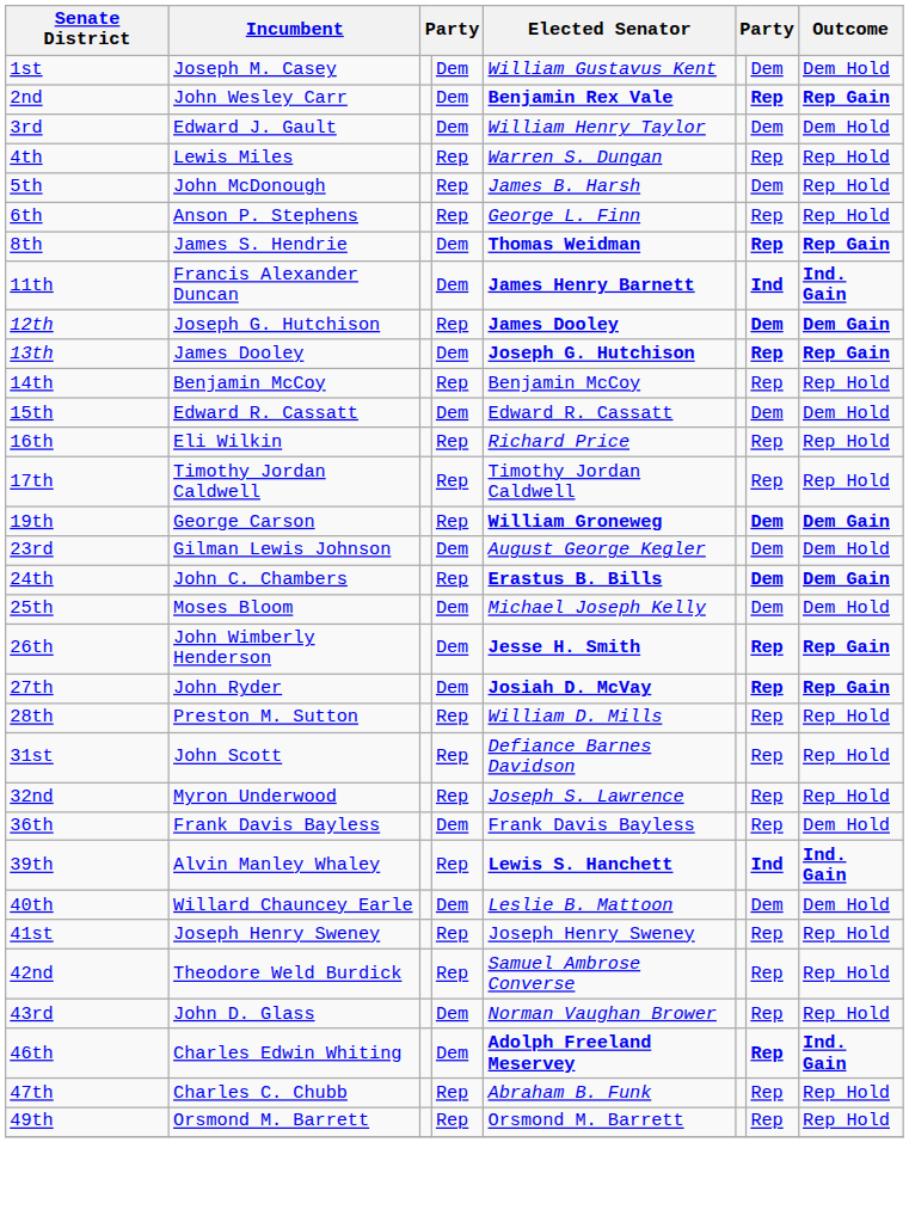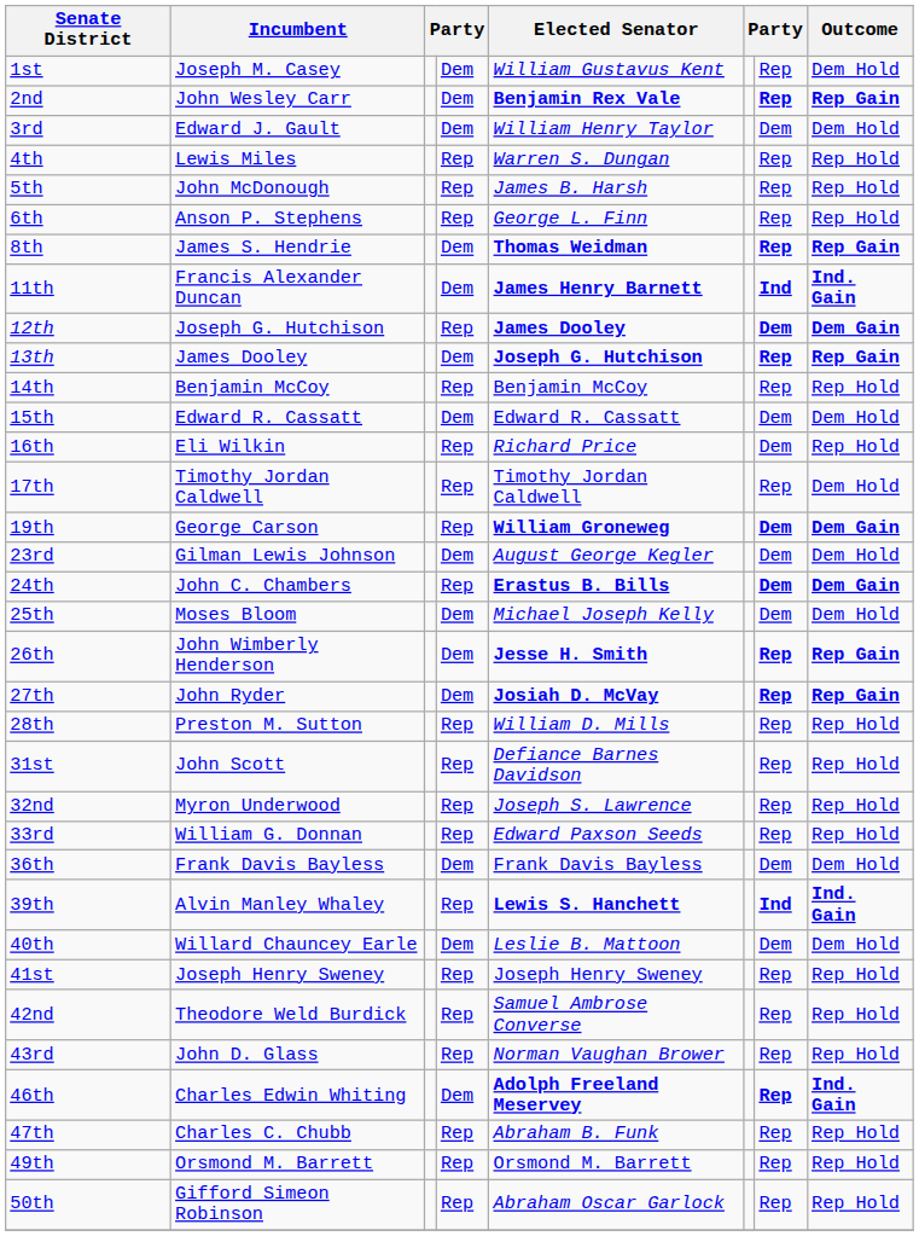 <table class="sortable wikitable" style="font-size:95%;line-height:14px;">
 <tr>
 <th class="sortable"><a href='#'>Senate</a> District</th>
 <th class="sortable"><a href='#'>Incumbent</a></th>
 <th colspan="2">Party</th>
 <th class="sortable">Elected Senator</th>
 <th colspan="2">Party</th>
 <th class="sortable">Outcome</th>
 </tr>
 <tr>
 <td><a href='#'>1st</a></td>
 <td><a href='#'>Joseph M. Casey</a></td>
 <td style="background:"></td>
 <td><a href='#'>Dem</a></td>
 <td><em><a href='#'>William Gustavus Kent</a></em></td>
 <td style="background:"></td>
-<td><a href='#'>Dem</a></td>
+<td><a href='#'>Rep</a></td>
 <td><a href='#'>Dem Hold</a></td>
 </tr>
 <tr>
 <td><a href='#'>2nd</a></td>
 <td><a href='#'>John Wesley Carr</a></td>
 <td style="background:"></td>
 <td><a href='#'>Dem</a></td>
 <td><strong><a href='#'>Benjamin Rex Vale</a></strong></td>
 <td style="background:"></td>
 <td><strong><a href='#'>Rep</a></strong></td>
 <td><strong><a href='#'>Rep Gain</a></strong></td>
 </tr>
 <tr>
 <td><a href='#'>3rd</a></td>
 <td><a href='#'>Edward J. Gault</a></td>
 <td style="background:"></td>
 <td><a href='#'>Dem</a></td>
 <td><em><a href='#'>William Henry Taylor</a></em></td>
 <td style="background:"></td>
 <td><a href='#'>Dem</a></td>
 <td><a href='#'>Dem Hold</a></td>
 </tr>
 <tr>
 <td><a href='#'>4th</a></td>
 <td><a href='#'>Lewis Miles</a></td>
 <td style="background:"></td>
 <td><a href='#'>Rep</a></td>
 <td><em><a href='#'>Warren S. Dungan</a></em></td>
 <td style="background:"></td>
 <td><a href='#'>Rep</a></td>
 <td><a href='#'>Rep Hold</a></td>
 </tr>
 <tr>
 <td><a href='#'>5th</a></td>
 <td><a href='#'>John McDonough</a></td>
 <td style="background:"></td>
 <td><a href='#'>Rep</a></td>
 <td><em><a href='#'>James B. Harsh</a></em></td>
 <td style="background:"></td>
-<td><a href='#'>Dem</a></td>
+<td><a href='#'>Rep</a></td>
 <td><a href='#'>Rep Hold</a></td>
 </tr>
 <tr>
 <td><a href='#'>6th</a></td>
 <td><a href='#'>Anson P. Stephens</a></td>
 <td style="background:"></td>
 <td><a href='#'>Rep</a></td>
 <td><em><a href='#'>George L. Finn</a></em></td>
 <td style="background:"></td>
 <td><a href='#'>Rep</a></td>
 <td><a href='#'>Rep Hold</a></td>
 </tr>
 <tr>
 <td><a href='#'>8th</a></td>
 <td><a href='#'>James S. Hendrie</a></td>
 <td style="background:"></td>
 <td><a href='#'>Dem</a></td>
 <td><strong><a href='#'>Thomas Weidman</a></strong></td>
 <td style="background:"></td>
 <td><strong><a href='#'>Rep</a></strong></td>
 <td><strong><a href='#'>Rep Gain</a></strong></td>
 </tr>
 <tr>
 <td><a href='#'>11th</a></td>
 <td><a href='#'>Francis Alexander Duncan</a></td>
 <td style="background:"></td>
 <td><a href='#'>Dem</a></td>
 <td><strong><a href='#'>James Henry Barnett</a></strong></td>
 <td style="background:"></td>
 <td><strong><a href='#'>Ind</a></strong></td>
 <td><strong><a href='#'>Ind. Gain</a></strong></td>
 </tr>
 <tr>
 <td><em><a href='#'>12th</a></em></td>
 <td><a href='#'>Joseph G. Hutchison</a></td>
 <td style="background:"></td>
 <td><a href='#'>Rep</a></td>
 <td><strong><a href='#'>James Dooley</a></strong></td>
 <td style="background:"></td>
 <td><strong><a href='#'>Dem</a></strong></td>
 <td><strong><a href='#'>Dem Gain</a></strong></td>
 </tr>
 <tr>
 <td><em><a href='#'>13th</a></em></td>
 <td><a href='#'>James Dooley</a></td>
 <td style="background:"></td>
 <td><a href='#'>Dem</a></td>
 <td><strong><a href='#'>Joseph G. Hutchison</a></strong></td>
 <td style="background:"></td>
 <td><strong><a href='#'>Rep</a></strong></td>
 <td><strong><a href='#'>Rep Gain</a></strong></td>
 </tr>
 <tr>
 <td><a href='#'>14th</a></td>
 <td><a href='#'>Benjamin McCoy</a></td>
 <td style="background:"></td>
 <td><a href='#'>Rep</a></td>
 <td><a href='#'>Benjamin McCoy</a></td>
 <td style="background:"></td>
 <td><a href='#'>Rep</a></td>
 <td><a href='#'>Rep Hold</a></td>
 </tr>
 <tr>
 <td><a href='#'>15th</a></td>
 <td><a href='#'>Edward R. Cassatt</a></td>
 <td style="background:"></td>
 <td><a href='#'>Dem</a></td>
 <td><a href='#'>Edward R. Cassatt</a></td>
 <td style="background:"></td>
 <td><a href='#'>Dem</a></td>
 <td><a href='#'>Dem Hold</a></td>
 </tr>
 <tr>
 <td><a href='#'>16th</a></td>
 <td><a href='#'>Eli Wilkin</a></td>
 <td style="background:"></td>
 <td><a href='#'>Rep</a></td>
 <td><em><a href='#'>Richard Price</a></em></td>
 <td style="background:"></td>
-<td><a href='#'>Rep</a></td>
+<td><a href='#'>Dem</a></td>
 <td><a href='#'>Rep Hold</a></td>
 </tr>
 <tr>
 <td><a href='#'>17th</a></td>
 <td><a href='#'>Timothy Jordan Caldwell</a></td>
 <td style="background:"></td>
 <td><a href='#'>Rep</a></td>
 <td><a href='#'>Timothy Jordan Caldwell</a></td>
 <td style="background:"></td>
 <td><a href='#'>Rep</a></td>
-<td><a href='#'>Rep Hold</a></td>
+<td><a href='#'>Dem Hold</a></td>
 </tr>
 <tr>
 <td><a href='#'>19th</a></td>
 <td><a href='#'>George Carson</a></td>
 <td style="background:"></td>
 <td><a href='#'>Rep</a></td>
 <td><strong><a href='#'>William Groneweg</a></strong></td>
 <td style="background:"></td>
 <td><strong><a href='#'>Dem</a></strong></td>
 <td><strong><a href='#'>Dem Gain</a></strong></td>
 </tr>
 <tr>
 <td><a href='#'>23rd</a></td>
 <td><a href='#'>Gilman Lewis Johnson</a></td>
 <td style="background:"></td>
 <td><a href='#'>Dem</a></td>
 <td><em><a href='#'>August George Kegler</a></em></td>
 <td style="background:"></td>
 <td><a href='#'>Dem</a></td>
 <td><a href='#'>Dem Hold</a></td>
 </tr>
 <tr>
 <td><a href='#'>24th</a></td>
 <td><a href='#'>John C. Chambers</a></td>
 <td style="background:"></td>
 <td><a href='#'>Rep</a></td>
 <td><strong><a href='#'>Erastus B. Bills</a></strong></td>
 <td style="background:"></td>
 <td><strong><a href='#'>Dem</a></strong></td>
 <td><strong><a href='#'>Dem Gain</a></strong></td>
 </tr>
 <tr>
 <td><a href='#'>25th</a></td>
 <td><a href='#'>Moses Bloom</a></td>
 <td style="background:"></td>
 <td><a href='#'>Dem</a></td>
 <td><em><a href='#'>Michael Joseph Kelly</a></em></td>
 <td style="background:"></td>
 <td><a href='#'>Dem</a></td>
 <td><a href='#'>Dem Hold</a></td>
 </tr>
 <tr>
 <td><a href='#'>26th</a></td>
 <td><a href='#'>John Wimberly Henderson</a></td>
 <td style="background:"></td>
 <td><a href='#'>Dem</a></td>
 <td><strong><a href='#'>Jesse H. Smith</a></strong></td>
 <td style="background:"></td>
 <td><strong><a href='#'>Rep</a></strong></td>
 <td><strong><a href='#'>Rep Gain</a></strong></td>
 </tr>
 <tr>
 <td><a href='#'>27th</a></td>
 <td><a href='#'>John Ryder</a></td>
 <td style="background:"></td>
 <td><a href='#'>Dem</a></td>
 <td><strong><a href='#'>Josiah D. McVay</a></strong></td>
 <td style="background:"></td>
 <td><strong><a href='#'>Rep</a></strong></td>
 <td><strong><a href='#'>Rep Gain</a></strong></td>
 </tr>
 <tr>
 <td><a href='#'>28th</a></td>
 <td><a href='#'>Preston M. Sutton</a></td>
 <td style="background:"></td>
 <td><a href='#'>Rep</a></td>
 <td><em><a href='#'>William D. Mills</a></em></td>
 <td style="background:"></td>
 <td><a href='#'>Rep</a></td>
 <td><a href='#'>Rep Hold</a></td>
 </tr>
 <tr>
 <td><a href='#'>31st</a></td>
 <td><a href='#'>John Scott</a></td>
 <td style="background:"></td>
 <td><a href='#'>Rep</a></td>
 <td><em><a href='#'>Defiance Barnes Davidson</a></em></td>
 <td style="background:"></td>
 <td><a href='#'>Rep</a></td>
 <td><a href='#'>Rep Hold</a></td>
 </tr>
 <tr>
 <td><a href='#'>32nd</a></td>
 <td><a href='#'>Myron Underwood</a></td>
 <td style="background:"></td>
 <td><a href='#'>Rep</a></td>
 <td><em><a href='#'>Joseph S. Lawrence</a></em></td>
 <td style="background:"></td>
 <td><a href='#'>Rep</a></td>
 <td><a href='#'>Rep Hold</a></td>
 </tr>
 <tr>
+<td><a href='#'>33rd</a></td>
+<td><a href='#'>William G. Donnan</a></td>
+<td style="background:"></td>
+<td><a href='#'>Rep</a></td>
+<td><em><a href='#'>Edward Paxson Seeds</a></em></td>
+<td style="background:"></td>
+<td><a href='#'>Rep</a></td>
+<td><a href='#'>Rep Hold</a></td>
+</tr>
+<tr>
 <td><a href='#'>36th</a></td>
 <td><a href='#'>Frank Davis Bayless</a></td>
 <td style="background:"></td>
 <td><a href='#'>Dem</a></td>
 <td><a href='#'>Frank Davis Bayless</a></td>
 <td style="background:"></td>
-<td><a href='#'>Rep</a></td>
+<td><a href='#'>Dem</a></td>
 <td><a href='#'>Dem Hold</a></td>
 </tr>
 <tr>
 <td><a href='#'>39th</a></td>
 <td><a href='#'>Alvin Manley Whaley</a></td>
 <td style="background:"></td>
 <td><a href='#'>Rep</a></td>
 <td><strong><a href='#'>Lewis S. Hanchett</a></strong></td>
 <td style="background:"></td>
 <td><strong><a href='#'>Ind</a></strong></td>
 <td><strong><a href='#'>Ind. Gain</a></strong></td>
 </tr>
 <tr>
 <td><a href='#'>40th</a></td>
 <td><a href='#'>Willard Chauncey Earle</a></td>
 <td style="background:"></td>
 <td><a href='#'>Dem</a></td>
 <td><em><a href='#'>Leslie B. Mattoon</a></em></td>
 <td style="background:"></td>
 <td><a href='#'>Dem</a></td>
 <td><a href='#'>Dem Hold</a></td>
 </tr>
 <tr>
 <td><a href='#'>41st</a></td>
 <td><a href='#'>Joseph Henry Sweney</a></td>
 <td style="background:"></td>
 <td><a href='#'>Rep</a></td>
 <td><a href='#'>Joseph Henry Sweney</a></td>
 <td style="background:"></td>
 <td><a href='#'>Rep</a></td>
 <td><a href='#'>Rep Hold</a></td>
 </tr>
 <tr>
 <td><a href='#'>42nd</a></td>
 <td><a href='#'>Theodore Weld Burdick</a></td>
 <td style="background:"></td>
 <td><a href='#'>Rep</a></td>
 <td><em><a href='#'>Samuel Ambrose Converse</a></em></td>
 <td style="background:"></td>
 <td><a href='#'>Rep</a></td>
 <td><a href='#'>Rep Hold</a></td>
 </tr>
 <tr>
 <td><a href='#'>43rd</a></td>
 <td><a href='#'>John D. Glass</a></td>
 <td style="background:"></td>
-<td><a href='#'>Dem</a></td>
+<td><a href='#'>Rep</a></td>
 <td><em><a href='#'>Norman Vaughan Brower</a></em></td>
 <td style="background:"></td>
 <td><a href='#'>Rep</a></td>
 <td><a href='#'>Rep Hold</a></td>
 </tr>
 <tr>
 <td><a href='#'>46th</a></td>
 <td><a href='#'>Charles Edwin Whiting</a></td>
 <td style="background:"></td>
 <td><a href='#'>Dem</a></td>
 <td><strong><a href='#'>Adolph Freeland Meservey</a></strong></td>
 <td style="background:"></td>
 <td><strong><a href='#'>Rep</a></strong></td>
 <td><strong><a href='#'>Ind. Gain</a></strong></td>
 </tr>
 <tr>
 <td><a href='#'>47th</a></td>
 <td><a href='#'>Charles C. Chubb</a></td>
 <td style="background:"></td>
 <td><a href='#'>Rep</a></td>
 <td><em><a href='#'>Abraham B. Funk</a></em></td>
 <td style="background:"></td>
 <td><a href='#'>Rep</a></td>
 <td><a href='#'>Rep Hold</a></td>
 </tr>
 <tr>
 <td><a href='#'>49th</a></td>
 <td><a href='#'>Orsmond M. Barrett</a></td>
 <td style="background:"></td>
 <td><a href='#'>Rep</a></td>
 <td><a href='#'>Orsmond M. Barrett</a></td>
 <td style="background:"></td>
 <td><a href='#'>Rep</a></td>
 <td><a href='#'>Rep Hold</a></td>
 </tr>
 <tr>
+<td><a href='#'>50th</a></td>
+<td><a href='#'>Gifford Simeon Robinson</a></td>
+<td style="background:"></td>
+<td><a href='#'>Rep</a></td>
+<td><em><a href='#'>Abraham Oscar Garlock</a></em></td>
+<td style="background:"></td>
+<td><a href='#'>Rep</a></td>
+<td><a href='#'>Rep Hold</a></td>
+</tr>
+<tr>
 </tr>
 </table>
